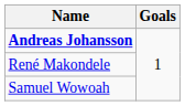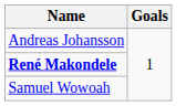 <table class="wikitable">
 <tr>
 <th>Name</th>
 <th>Goals</th>
 </tr>
 <tr>
-<td><strong> <a href='#'>Andreas Johansson</a></strong></td>
+<td> <a href='#'>Andreas Johansson</a></td>
 <td rowspan="3" style="text-align:center;">1</td>
 </tr>
 <tr>
-<td> <a href='#'>René Makondele</a></td>
+<td><strong> <a href='#'>René Makondele</a></strong></td>
 </tr>
 <tr>
 <td> <a href='#'>Samuel Wowoah</a></td>
 </tr>
 </table>
